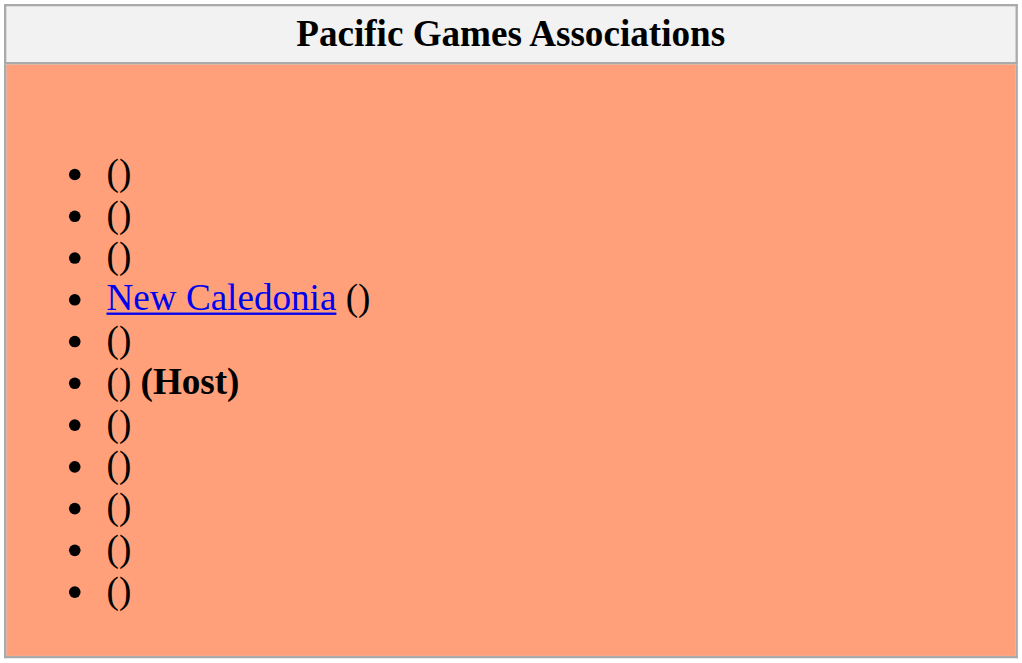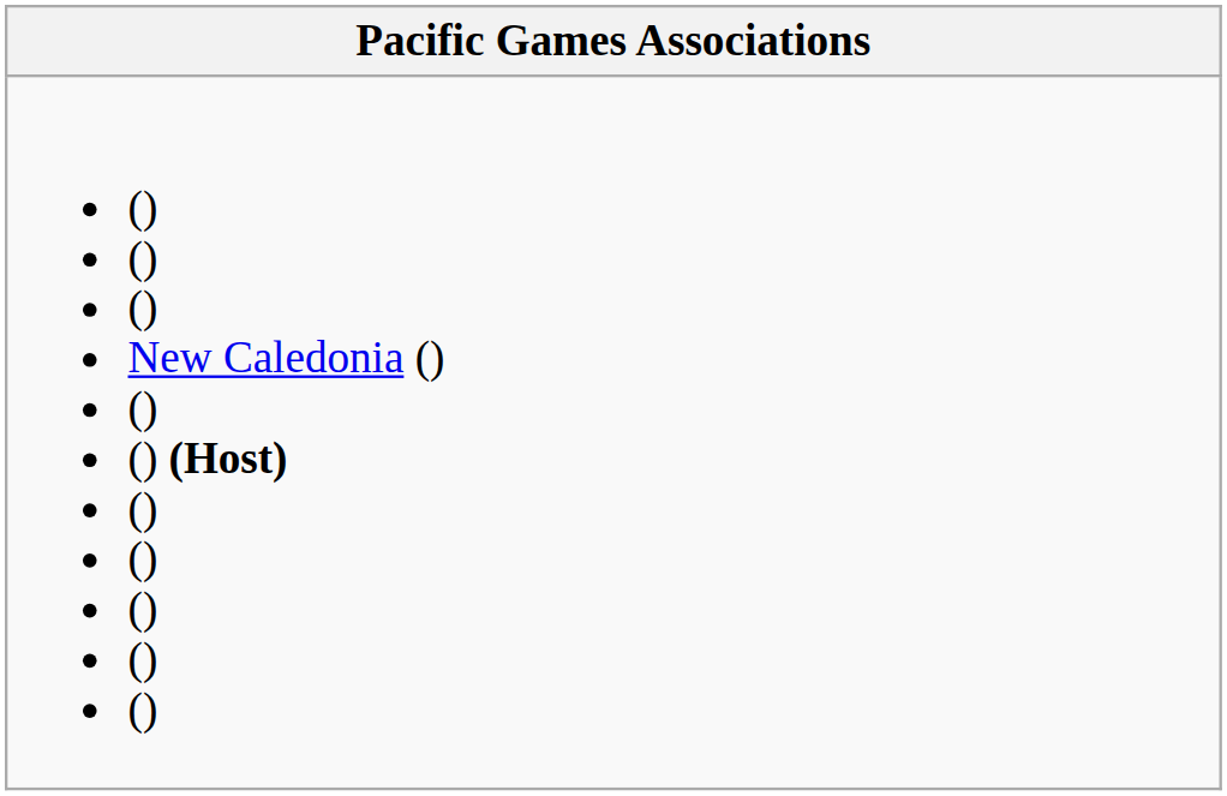 <table class="wikitable collapsible" style="min-width:70%; max-width:58em;">
 <tr>
 <th>Pacific Games Associations</th>
 </tr>
 <tr>
-<td style="background: lightsalmon;"><br><ul><li> ()</li><li> ()</li><li> ()</li><li>  <a href='#'>New Caledonia</a> ()</li><li> ()</li><li> () <strong>(Host)</strong></li><li> ()</li><li> ()</li><li> ()</li><li> ()</li><li> ()</li></ul></td>
+<td><br><ul><li> ()</li><li> ()</li><li> ()</li><li>  <a href='#'>New Caledonia</a> ()</li><li> ()</li><li> () <strong>(Host)</strong></li><li> ()</li><li> ()</li><li> ()</li><li> ()</li><li> ()</li></ul></td>
 </tr>
 </table>
